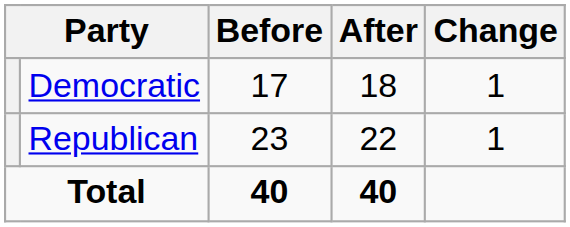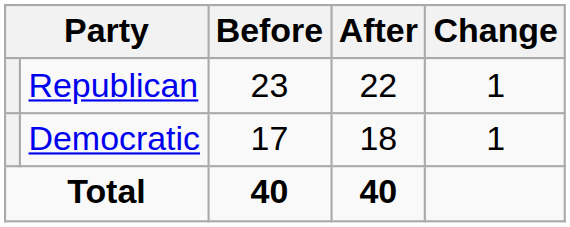 <table class="wikitable" style="text-align:center;">
 <tr>
 <th colspan="2">Party</th>
 <th>Before</th>
 <th>After</th>
 <th>Change</th>
 </tr>
 <tr>
 <th style="background-color:"></th>
-<td style="text-align:left;"><a href='#'>Democratic</a></td>
-<td>17</td>
-<td>18</td>
+<td style="text-align:left;"><a href='#'>Republican</a></td>
+<td>23</td>
+<td>22</td>
 <td> 1</td>
 </tr>
 <tr>
 <th style="background-color:"></th>
-<td style="text-align:left;"><a href='#'>Republican</a></td>
-<td>23</td>
-<td>22</td>
+<td style="text-align:left;"><a href='#'>Democratic</a></td>
+<td>17</td>
+<td>18</td>
 <td> 1</td>
 </tr>
 <tr>
 <td colspan="2"><strong>Total</strong></td>
 <td><strong>40</strong></td>
 <td><strong>40</strong></td>
 <td></td>
 </tr>
 </table>
